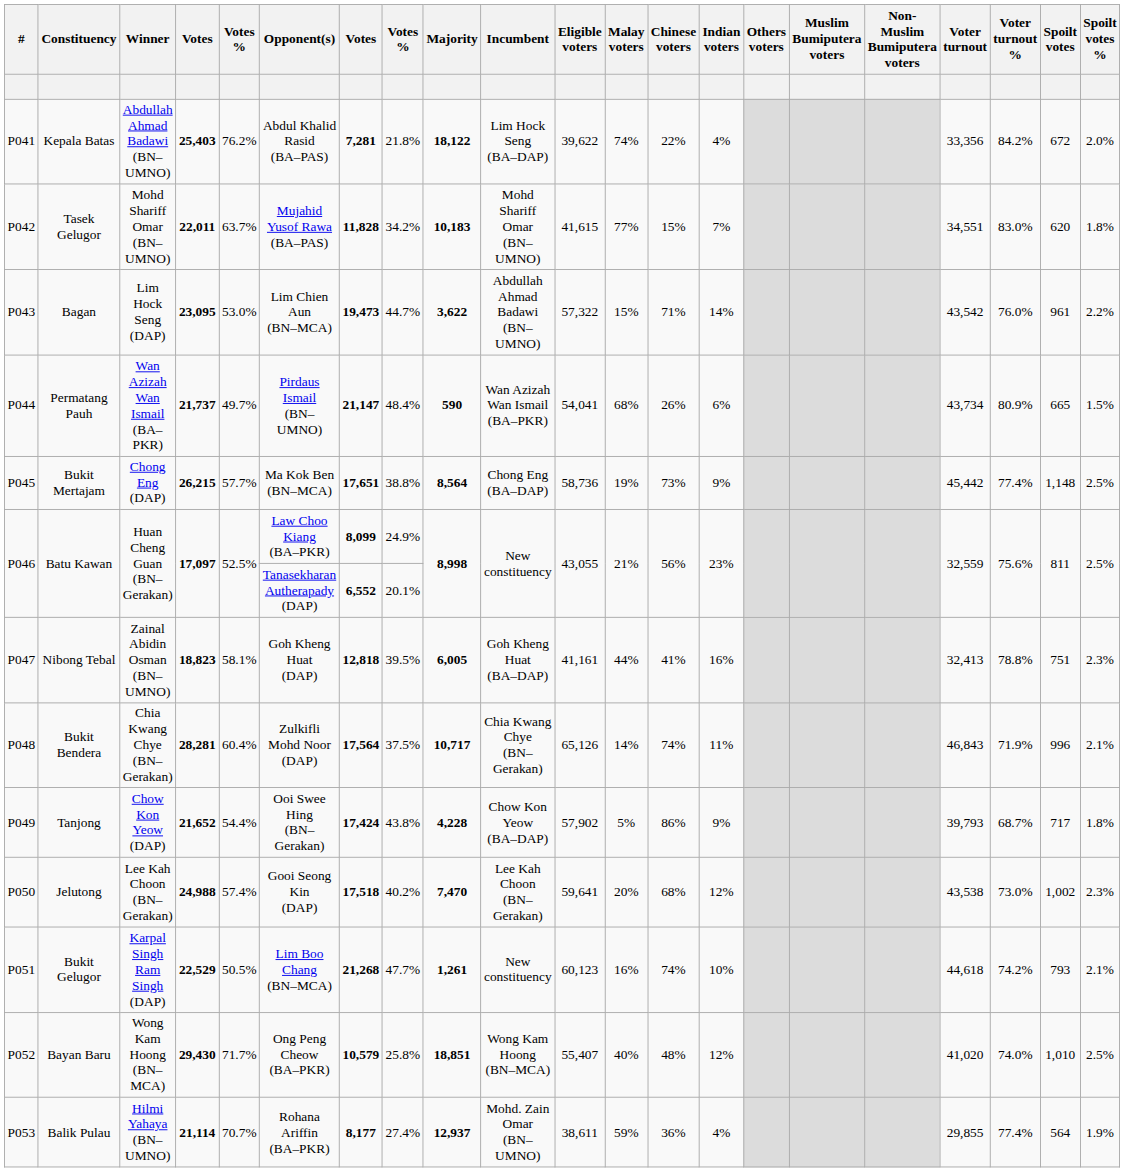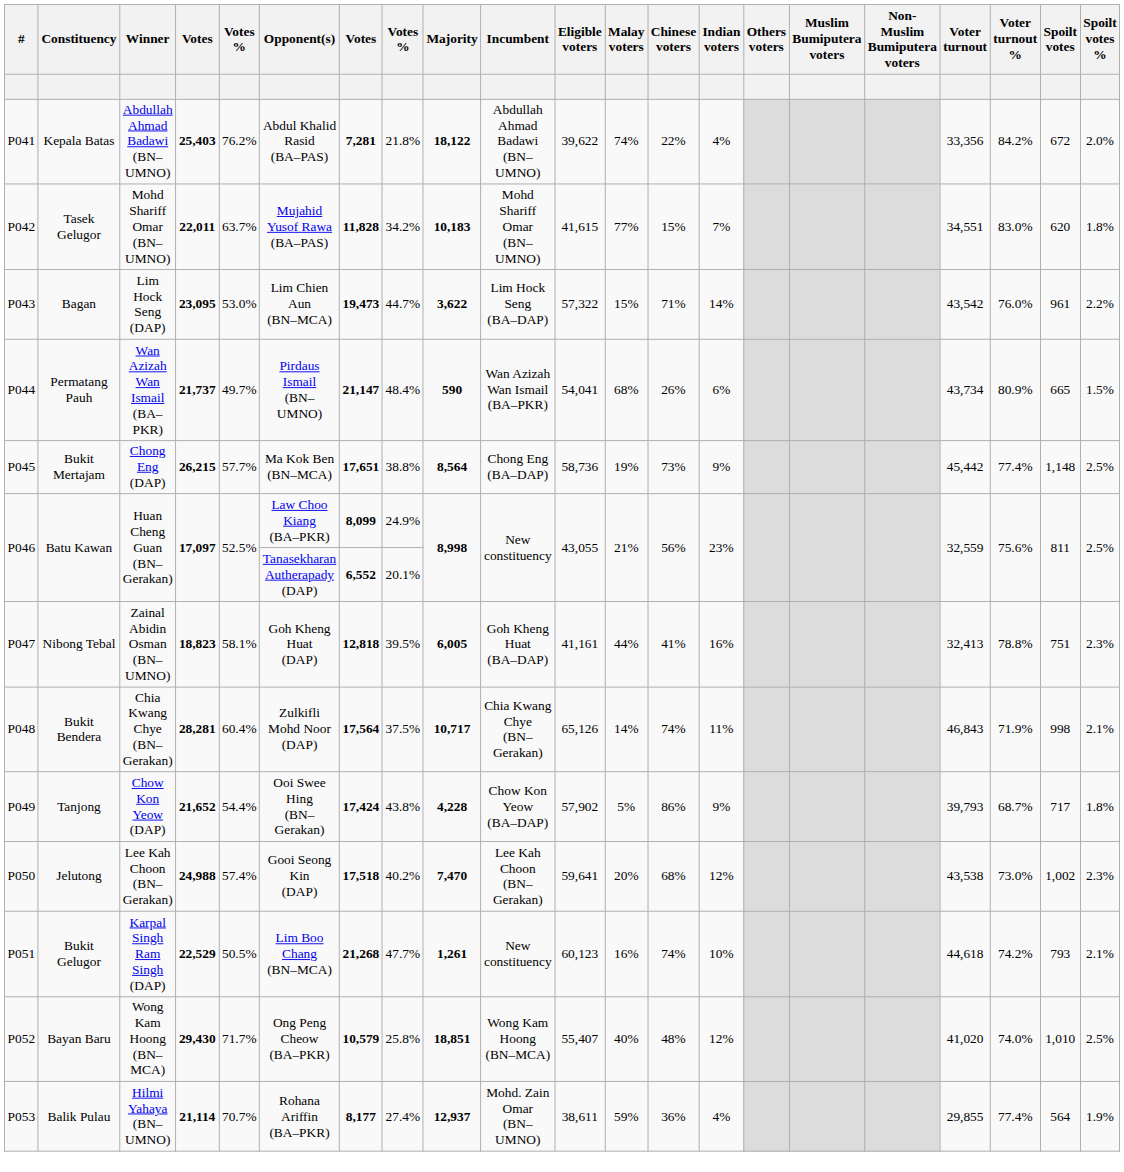 <table class="wikitable sortable" style="text-align:center; font-size:90%">
 <tr>
 <th width="30">#</th>
 <th width="60">Constituency</th>
 <th width="150">Winner</th>
 <th width="50">Votes</th>
 <th width="50">Votes %</th>
 <th width="150">Opponent(s)</th>
 <th width="50">Votes</th>
 <th width="50">Votes %</th>
 <th width="50">Majority</th>
 <th width="150">Incumbent</th>
 <th width="50">Eligible voters</th>
 <th width="50">Malay voters</th>
 <th width="50">Chinese voters</th>
 <th width="50">Indian voters</th>
 <th width="50">Others voters</th>
 <th width="50">Muslim Bumiputera voters</th>
 <th width="50">Non-Muslim Bumiputera voters</th>
 <th width="50">Voter turnout</th>
 <th width="50">Voter turnout %</th>
 <th width="50">Spoilt votes</th>
 <th width="50">Spoilt votes %</th>
 </tr>
 <tr>
 <th height="20"></th>
 <th></th>
 <th></th>
 <th></th>
 <th></th>
 <th></th>
 <th></th>
 <th></th>
 <th></th>
 <th></th>
 <th></th>
 <th></th>
 <th></th>
 <th></th>
 <th></th>
 <th></th>
 <th></th>
 <th></th>
 <th></th>
 <th></th>
 <th></th>
 </tr>
 <tr>
 <td>P041</td>
 <td>Kepala Batas</td>
 <td><a href='#'>Abdullah Ahmad Badawi</a><br>(BN–UMNO)</td>
 <td><strong>25,403</strong></td>
 <td>76.2%</td>
 <td>Abdul Khalid Rasid<br>(BA–PAS)</td>
 <td><strong>7,281</strong></td>
 <td>21.8%</td>
 <td><strong>18,122</strong></td>
-<td>Lim Hock Seng<br>(BA–DAP)</td>
+<td>Abdullah Ahmad Badawi<br>(BN–UMNO)</td>
 <td>39,622</td>
 <td>74%</td>
 <td>22%</td>
 <td>4%</td>
 <td bgcolor="dcdcdc"></td>
 <td bgcolor="dcdcdc"></td>
 <td bgcolor="dcdcdc"></td>
 <td>33,356</td>
 <td>84.2%</td>
 <td>672</td>
 <td>2.0%</td>
 </tr>
 <tr>
 <td>P042</td>
 <td>Tasek Gelugor</td>
 <td>Mohd Shariff Omar<br>(BN–UMNO)</td>
 <td><strong>22,011</strong></td>
 <td>63.7%</td>
 <td><a href='#'>Mujahid Yusof Rawa</a><br>(BA–PAS)</td>
 <td><strong>11,828</strong></td>
 <td>34.2%</td>
 <td><strong>10,183</strong></td>
 <td>Mohd Shariff Omar<br>(BN–UMNO)</td>
 <td>41,615</td>
 <td>77%</td>
 <td>15%</td>
 <td>7%</td>
 <td bgcolor="dcdcdc"></td>
 <td bgcolor="dcdcdc"></td>
 <td bgcolor="dcdcdc"></td>
 <td>34,551</td>
 <td>83.0%</td>
 <td>620</td>
 <td>1.8%</td>
 </tr>
 <tr>
 <td>P043</td>
 <td>Bagan</td>
 <td>Lim Hock Seng<br>(DAP)</td>
 <td><strong>23,095</strong></td>
 <td>53.0%</td>
 <td>Lim Chien Aun<br>(BN–MCA)</td>
 <td><strong>19,473</strong></td>
 <td>44.7%</td>
 <td><strong>3,622</strong></td>
-<td>Abdullah Ahmad Badawi<br>(BN–UMNO)</td>
+<td>Lim Hock Seng<br>(BA–DAP)</td>
 <td>57,322</td>
 <td>15%</td>
 <td>71%</td>
 <td>14%</td>
 <td bgcolor="dcdcdc"></td>
 <td bgcolor="dcdcdc"></td>
 <td bgcolor="dcdcdc"></td>
 <td>43,542</td>
 <td>76.0%</td>
 <td>961</td>
 <td>2.2%</td>
 </tr>
 <tr>
 <td>P044</td>
 <td>Permatang Pauh</td>
 <td><a href='#'>Wan Azizah Wan Ismail</a><br>(BA–PKR)</td>
 <td><strong>21,737</strong></td>
 <td>49.7%</td>
 <td><a href='#'>Pirdaus Ismail</a><br>(BN–UMNO)</td>
 <td><strong>21,147</strong></td>
 <td>48.4%</td>
 <td><strong>590</strong></td>
 <td>Wan Azizah Wan Ismail<br>(BA–PKR)</td>
 <td>54,041</td>
 <td>68%</td>
 <td>26%</td>
 <td>6%</td>
 <td bgcolor="dcdcdc"></td>
 <td bgcolor="dcdcdc"></td>
 <td bgcolor="dcdcdc"></td>
 <td>43,734</td>
 <td>80.9%</td>
 <td>665</td>
 <td>1.5%</td>
 </tr>
 <tr>
 <td>P045</td>
 <td>Bukit Mertajam</td>
 <td><a href='#'>Chong Eng</a><br>(DAP)</td>
 <td><strong>26,215</strong></td>
 <td>57.7%</td>
 <td>Ma Kok Ben<br>(BN–MCA)</td>
 <td><strong>17,651</strong></td>
 <td>38.8%</td>
 <td><strong>8,564</strong></td>
 <td>Chong Eng<br>(BA–DAP)</td>
 <td>58,736</td>
 <td>19%</td>
 <td>73%</td>
 <td>9%</td>
 <td bgcolor="dcdcdc"></td>
 <td bgcolor="dcdcdc"></td>
 <td bgcolor="dcdcdc"></td>
 <td>45,442</td>
 <td>77.4%</td>
 <td>1,148</td>
 <td>2.5%</td>
 </tr>
 <tr>
 <td rowspan=2>P046</td>
 <td rowspan=2>Batu Kawan</td>
 <td rowspan=2>Huan Cheng Guan<br>(BN–Gerakan)</td>
 <td rowspan=2><strong>17,097</strong></td>
 <td rowspan=2>52.5%</td>
 <td><a href='#'>Law Choo Kiang</a><br>(BA–PKR)</td>
 <td><strong>8,099</strong></td>
 <td>24.9%</td>
 <td rowspan=2><strong>8,998</strong></td>
 <td rowspan=2>New constituency</td>
 <td rowspan=2>43,055</td>
 <td rowspan=2>21%</td>
 <td rowspan=2>56%</td>
 <td rowspan=2>23%</td>
 <td rowspan=2 bgcolor="dcdcdc"></td>
 <td rowspan=2 bgcolor="dcdcdc"></td>
 <td rowspan=2 bgcolor="dcdcdc"></td>
 <td rowspan=2>32,559</td>
 <td rowspan=2>75.6%</td>
 <td rowspan=2>811</td>
 <td rowspan=2>2.5%</td>
 </tr>
 <tr>
 <td><a href='#'>Tanasekharan Autherapady</a><br>(DAP)</td>
 <td><strong>6,552</strong></td>
 <td>20.1%</td>
 </tr>
 <tr>
 <td>P047</td>
 <td>Nibong Tebal</td>
 <td>Zainal Abidin Osman<br>(BN–UMNO)</td>
 <td><strong>18,823</strong></td>
 <td>58.1%</td>
 <td>Goh Kheng Huat<br>(DAP)</td>
 <td><strong>12,818</strong></td>
 <td>39.5%</td>
 <td><strong>6,005</strong></td>
 <td>Goh Kheng Huat<br>(BA–DAP)</td>
 <td>41,161</td>
 <td>44%</td>
 <td>41%</td>
 <td>16%</td>
 <td bgcolor="dcdcdc"></td>
 <td bgcolor="dcdcdc"></td>
 <td bgcolor="dcdcdc"></td>
 <td>32,413</td>
 <td>78.8%</td>
 <td>751</td>
 <td>2.3%</td>
 </tr>
 <tr>
 <td>P048</td>
 <td>Bukit Bendera</td>
 <td>Chia Kwang Chye<br>(BN–Gerakan)</td>
 <td><strong>28,281</strong></td>
 <td>60.4%</td>
 <td>Zulkifli Mohd Noor<br>(DAP)</td>
 <td><strong>17,564</strong></td>
 <td>37.5%</td>
 <td><strong>10,717</strong></td>
 <td>Chia Kwang Chye<br>(BN–Gerakan)</td>
 <td>65,126</td>
 <td>14%</td>
 <td>74%</td>
 <td>11%</td>
 <td bgcolor="dcdcdc"></td>
 <td bgcolor="dcdcdc"></td>
 <td bgcolor="dcdcdc"></td>
 <td>46,843</td>
 <td>71.9%</td>
-<td>996</td>
+<td>998</td>
 <td>2.1%</td>
 </tr>
 <tr>
 <td>P049</td>
 <td>Tanjong</td>
 <td><a href='#'>Chow Kon Yeow</a><br>(DAP)</td>
 <td><strong>21,652</strong></td>
 <td>54.4%</td>
 <td>Ooi Swee Hing<br>(BN–Gerakan)</td>
 <td><strong>17,424</strong></td>
 <td>43.8%</td>
 <td><strong>4,228</strong></td>
 <td>Chow Kon Yeow<br>(BA–DAP)</td>
 <td>57,902</td>
 <td>5%</td>
 <td>86%</td>
 <td>9%</td>
 <td bgcolor="dcdcdc"></td>
 <td bgcolor="dcdcdc"></td>
 <td bgcolor="dcdcdc"></td>
 <td>39,793</td>
 <td>68.7%</td>
 <td>717</td>
 <td>1.8%</td>
 </tr>
 <tr>
 <td>P050</td>
 <td>Jelutong</td>
 <td>Lee Kah Choon<br>(BN–Gerakan)</td>
 <td><strong>24,988</strong></td>
 <td>57.4%</td>
 <td>Gooi Seong Kin<br>(DAP)</td>
 <td><strong>17,518</strong></td>
 <td>40.2%</td>
 <td><strong>7,470</strong></td>
 <td>Lee Kah Choon<br>(BN–Gerakan)</td>
 <td>59,641</td>
 <td>20%</td>
 <td>68%</td>
 <td>12%</td>
 <td bgcolor="dcdcdc"></td>
 <td bgcolor="dcdcdc"></td>
 <td bgcolor="dcdcdc"></td>
 <td>43,538</td>
 <td>73.0%</td>
 <td>1,002</td>
 <td>2.3%</td>
 </tr>
 <tr>
 <td>P051</td>
 <td>Bukit Gelugor</td>
 <td><a href='#'>Karpal Singh Ram Singh</a><br>(DAP)</td>
 <td><strong>22,529</strong></td>
 <td>50.5%</td>
 <td><a href='#'>Lim Boo Chang</a><br>(BN–MCA)</td>
 <td><strong>21,268</strong></td>
 <td>47.7%</td>
 <td><strong>1,261</strong></td>
 <td>New constituency</td>
 <td>60,123</td>
 <td>16%</td>
 <td>74%</td>
 <td>10%</td>
 <td bgcolor="dcdcdc"></td>
 <td bgcolor="dcdcdc"></td>
 <td bgcolor="dcdcdc"></td>
 <td>44,618</td>
 <td>74.2%</td>
 <td>793</td>
 <td>2.1%</td>
 </tr>
 <tr>
 <td>P052</td>
 <td>Bayan Baru</td>
 <td>Wong Kam Hoong<br>(BN–MCA)</td>
 <td><strong>29,430</strong></td>
 <td>71.7%</td>
 <td>Ong Peng Cheow<br>(BA–PKR)</td>
 <td><strong>10,579</strong></td>
 <td>25.8%</td>
 <td><strong>18,851</strong></td>
 <td>Wong Kam Hoong<br>(BN–MCA)</td>
 <td>55,407</td>
 <td>40%</td>
 <td>48%</td>
 <td>12%</td>
 <td bgcolor="dcdcdc"></td>
 <td bgcolor="dcdcdc"></td>
 <td bgcolor="dcdcdc"></td>
 <td>41,020</td>
 <td>74.0%</td>
 <td>1,010</td>
 <td>2.5%</td>
 </tr>
 <tr>
 <td>P053</td>
 <td>Balik Pulau</td>
 <td><a href='#'>Hilmi Yahaya</a><br>(BN–UMNO)</td>
 <td><strong>21,114</strong></td>
 <td>70.7%</td>
 <td>Rohana Ariffin<br>(BA–PKR)</td>
 <td><strong>8,177</strong></td>
 <td>27.4%</td>
 <td><strong>12,937</strong></td>
 <td>Mohd. Zain Omar<br>(BN–UMNO)</td>
 <td>38,611</td>
 <td>59%</td>
 <td>36%</td>
 <td>4%</td>
 <td bgcolor="dcdcdc"></td>
 <td bgcolor="dcdcdc"></td>
 <td bgcolor="dcdcdc"></td>
 <td>29,855</td>
 <td>77.4%</td>
 <td>564</td>
 <td>1.9%</td>
 </tr>
 </table>
